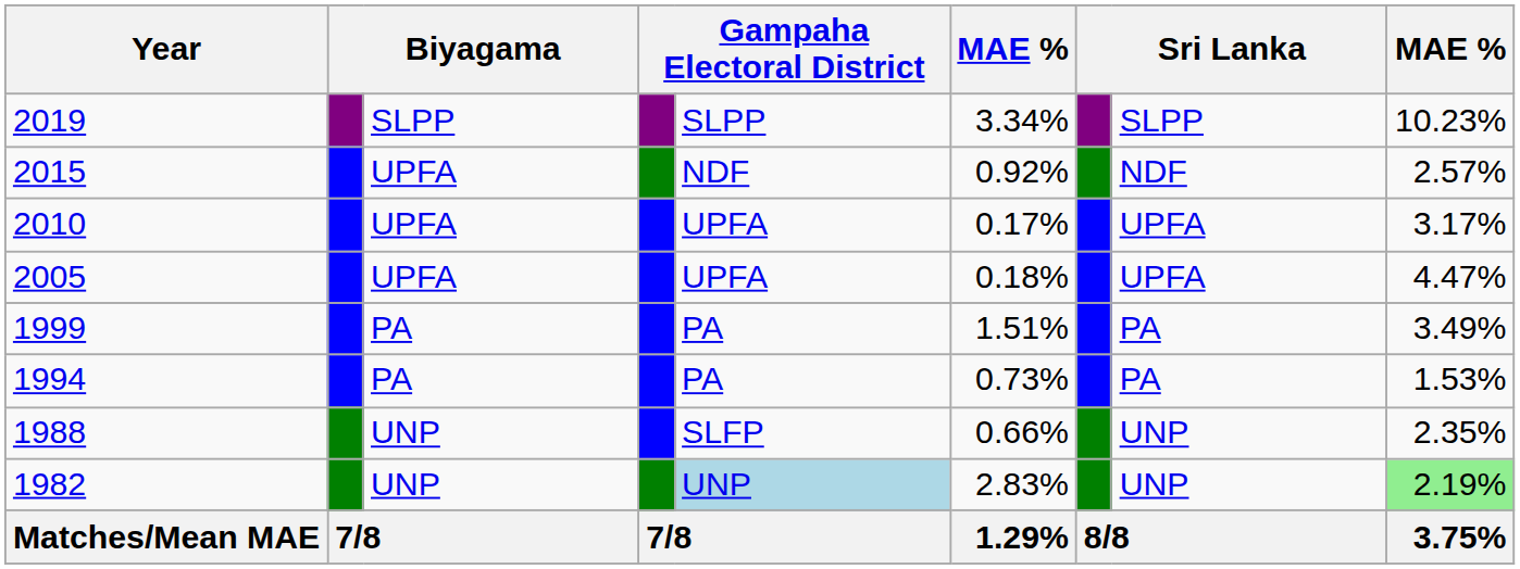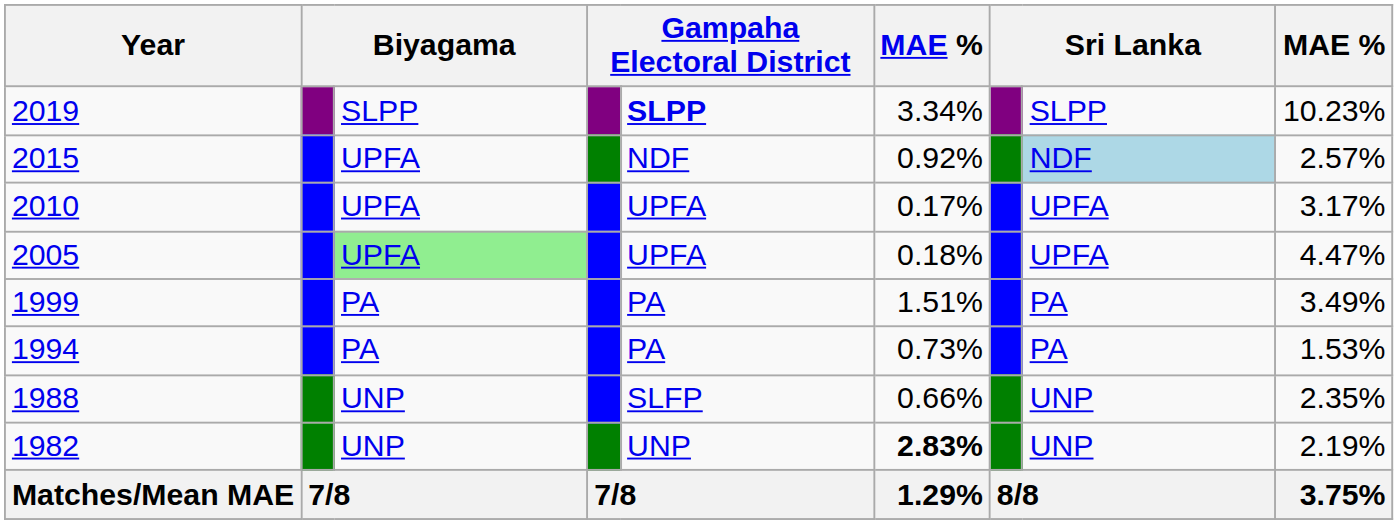 <table class="wikitable">
 <tr>
 <th>Year</th>
 <th colspan="2" width="144px">Biyagama</th>
 <th colspan="2" width="144px"><a href='#'>Gampaha Electoral District</a></th>
 <th><a href='#'>MAE</a> %</th>
 <th colspan="2" width="144px">Sri Lanka</th>
 <th>MAE %</th>
 </tr>
 <tr>
 <td><a href='#'>2019</a></td>
 <td style="background-color:purple;" width="10px"></td>
 <td style="text-align:left;"><a href='#'>SLPP</a></td>
 <td style="background-color:purple;" width="10px"></td>
-<td style="text-align:left;"><a href='#'>SLPP</a></td>
+<td style="text-align:left;"><strong><a href='#'>SLPP</a></strong></td>
 <td style="text-align:right;">3.34%</td>
 <td style="background-color:purple;" width="10px"></td>
 <td style="text-align:left;"><a href='#'>SLPP</a></td>
 <td style="text-align:right;">10.23%</td>
 </tr>
 <tr>
 <td><a href='#'>2015</a></td>
 <td style="background-color:blue;" width="10px"></td>
 <td style="text-align:left;"><a href='#'>UPFA</a></td>
 <td style="background-color:green;" width="10px"></td>
 <td style="text-align:left;"><a href='#'>NDF</a></td>
 <td style="text-align:right;">0.92%</td>
 <td style="background-color:green;" width="10px"></td>
-<td style="text-align:left;"><a href='#'>NDF</a></td>
+<td style="background: lightblue; text-align:left;"><a href='#'>NDF</a></td>
 <td style="text-align:right;">2.57%</td>
 </tr>
 <tr>
 <td><a href='#'>2010</a></td>
 <td style="background-color:blue;" width="10px"></td>
 <td style="text-align:left;"><a href='#'>UPFA</a></td>
 <td style="background-color:blue;" width="10px"></td>
 <td style="text-align:left;"><a href='#'>UPFA</a></td>
 <td style="text-align:right;">0.17%</td>
 <td style="background-color:blue;" width="10px"></td>
 <td style="text-align:left;"><a href='#'>UPFA</a></td>
 <td style="text-align:right;">3.17%</td>
 </tr>
 <tr>
 <td><a href='#'>2005</a></td>
 <td style="background-color:blue;" width="10px"></td>
-<td style="text-align:left;"><a href='#'>UPFA</a></td>
+<td style="background: lightgreen; text-align:left;"><a href='#'>UPFA</a></td>
 <td style="background-color:blue;" width="10px"></td>
 <td style="text-align:left;"><a href='#'>UPFA</a></td>
 <td style="text-align:right;">0.18%</td>
 <td style="background-color:blue;" width="10px"></td>
 <td style="text-align:left;"><a href='#'>UPFA</a></td>
 <td style="text-align:right;">4.47%</td>
 </tr>
 <tr>
 <td><a href='#'>1999</a></td>
 <td style="background-color:blue;" width="10px"></td>
 <td style="text-align:left;"><a href='#'>PA</a></td>
 <td style="background-color:blue;" width="10px"></td>
 <td style="text-align:left;"><a href='#'>PA</a></td>
 <td style="text-align:right;">1.51%</td>
 <td style="background-color:blue;" width="10px"></td>
 <td style="text-align:left;"><a href='#'>PA</a></td>
 <td style="text-align:right;">3.49%</td>
 </tr>
 <tr>
 <td><a href='#'>1994</a></td>
 <td style="background-color:blue;" width="10px"></td>
 <td style="text-align:left;"><a href='#'>PA</a></td>
 <td style="background-color:blue;" width="10px"></td>
 <td style="text-align:left;"><a href='#'>PA</a></td>
 <td style="text-align:right;">0.73%</td>
 <td style="background-color:blue;" width="10px"></td>
 <td style="text-align:left;"><a href='#'>PA</a></td>
 <td style="text-align:right;">1.53%</td>
 </tr>
 <tr>
 <td><a href='#'>1988</a></td>
 <td style="background-color:green;" width="10px"></td>
 <td style="text-align:left;"><a href='#'>UNP</a></td>
 <td style="background-color:blue;" width="10px"></td>
 <td style="text-align:left;"><a href='#'>SLFP</a></td>
 <td style="text-align:right;">0.66%</td>
 <td style="background-color:green;" width="10px"></td>
 <td style="text-align:left;"><a href='#'>UNP</a></td>
 <td style="text-align:right;">2.35%</td>
 </tr>
 <tr>
 <td><a href='#'>1982</a></td>
 <td style="background-color:green;" width="10px"></td>
 <td style="text-align:left;"><a href='#'>UNP</a></td>
 <td style="background-color:green;" width="10px"></td>
-<td style="background: lightblue; text-align:left;"><a href='#'>UNP</a></td>
-<td style="text-align:right;">2.83%</td>
+<td style="text-align:left;"><a href='#'>UNP</a></td>
+<td style="text-align:right;"><strong>2.83%</strong></td>
 <td style="background-color:green;" width="10px"></td>
 <td style="text-align:left;"><a href='#'>UNP</a></td>
-<td style="background: lightgreen; text-align:right;">2.19%</td>
+<td style="text-align:right;">2.19%</td>
 </tr>
 <tr>
 <th>Matches/Mean MAE</th>
 <th style="text-align:left;"colspan="2" width="144px">7/8</th>
 <th style="text-align:left;"colspan="2" width="144px">7/8</th>
 <th style="text-align:right;">1.29%</th>
 <th style="text-align:left;"colspan="2" width="144px">8/8</th>
 <th style="text-align:right;">3.75%</th>
 </tr>
 </table>
